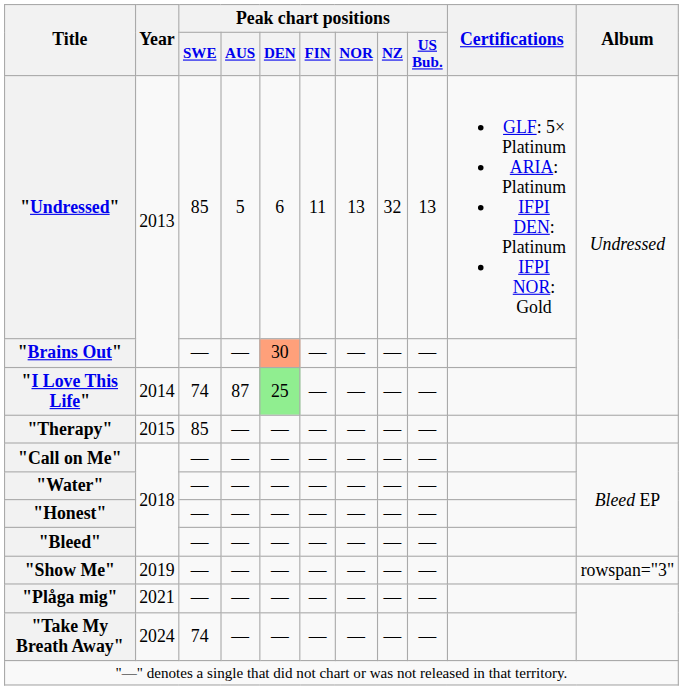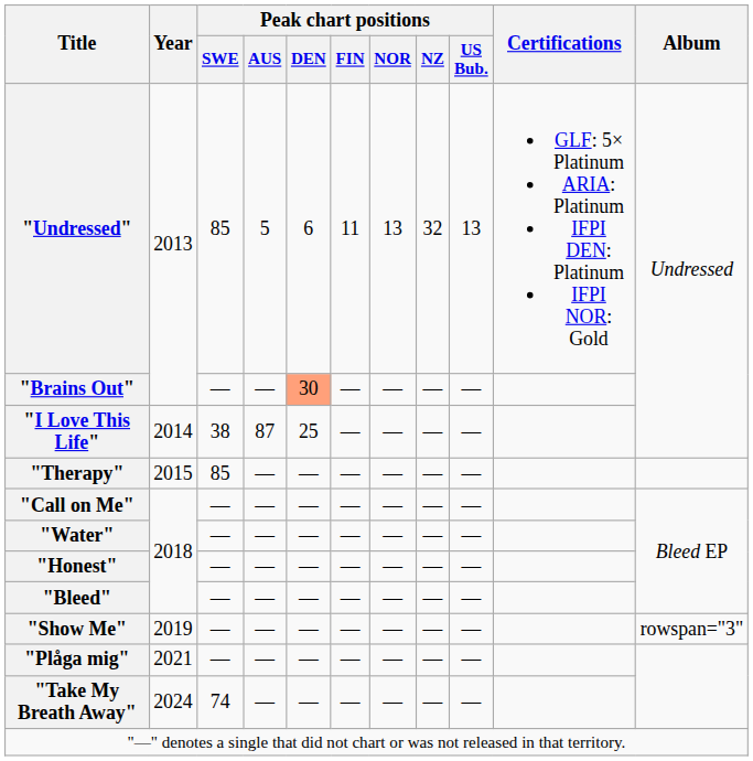 <table class="wikitable plainrowheaders" style="text-align:center;">
 <tr>
 <th scope="col" rowspan="2" style="width:18em;">Title</th>
 <th scope="col" rowspan="2">Year</th>
 <th scope="col" colspan="7">Peak chart positions</th>
 <th scope="col" rowspan="2" style="width:13em;"><a href='#'>Certifications</a></th>
 <th scope="col" rowspan="2">Album</th>
 </tr>
 <tr>
 <th scope="col" style="width:3em;font-size:85%;"><a href='#'>SWE</a><br></th>
 <th scope="col" style="width:3em;font-size:85%;"><a href='#'>AUS</a><br></th>
 <th scope="col" style="width:3em;font-size:85%;"><a href='#'>DEN</a><br></th>
 <th scope="col" style="width:3em;font-size:85%;"><a href='#'>FIN</a><br></th>
 <th scope="col" style="width:3em;font-size:85%;"><a href='#'>NOR</a><br></th>
 <th scope="col" style="width:3em;font-size:85%;"><a href='#'>NZ</a><br></th>
 <th scope="col" style="width:3em;font-size:85%;"><a href='#'>US<br>Bub.</a><br></th>
 </tr>
 <tr>
 <th scope="row">"<a href='#'>Undressed</a>"</th>
 <td rowspan="2">2013</td>
 <td>85</td>
 <td>5</td>
 <td>6</td>
 <td>11</td>
 <td>13</td>
 <td>32</td>
 <td>13</td>
 <td><br><ul><li><a href='#'>GLF</a>: 5× Platinum</li><li><a href='#'>ARIA</a>: Platinum</li><li><a href='#'>IFPI DEN</a>: Platinum</li><li><a href='#'>IFPI NOR</a>: Gold</li></ul></td>
 <td rowspan="3"><em>Undressed</em></td>
 </tr>
 <tr>
 <th scope="row">"<a href='#'>Brains Out</a>"</th>
 <td>—</td>
 <td>—</td>
 <td style="background: lightsalmon;">30</td>
 <td>—</td>
 <td>—</td>
 <td>—</td>
 <td>—</td>
 <td></td>
 </tr>
 <tr>
 <th scope="row">"<a href='#'>I Love This Life</a>"</th>
 <td>2014</td>
-<td>74</td>
+<td>38</td>
 <td>87</td>
-<td style="background: lightgreen;">25</td>
+<td>25</td>
 <td>—</td>
 <td>—</td>
 <td>—</td>
 <td>—</td>
 <td></td>
 </tr>
 <tr>
 <th scope="row">"Therapy"</th>
 <td>2015</td>
 <td>85</td>
 <td>—</td>
 <td>—</td>
 <td>—</td>
 <td>—</td>
 <td>—</td>
 <td>—</td>
 <td></td>
 <td></td>
 </tr>
 <tr>
 <th scope="row">"Call on Me"</th>
 <td rowspan="4">2018</td>
 <td>—</td>
 <td>—</td>
 <td>—</td>
 <td>—</td>
 <td>—</td>
 <td>—</td>
 <td>—</td>
 <td></td>
 <td rowspan="4"><em>Bleed</em> EP</td>
 </tr>
 <tr>
 <th scope="row">"Water"</th>
 <td>—</td>
 <td>—</td>
 <td>—</td>
 <td>—</td>
 <td>—</td>
 <td>—</td>
 <td>—</td>
 <td></td>
 </tr>
 <tr>
 <th scope="row">"Honest"</th>
 <td>—</td>
 <td>—</td>
 <td>—</td>
 <td>—</td>
 <td>—</td>
 <td>—</td>
 <td>—</td>
 <td></td>
 </tr>
 <tr>
 <th scope="row">"Bleed"</th>
 <td>—</td>
 <td>—</td>
 <td>—</td>
 <td>—</td>
 <td>—</td>
 <td>—</td>
 <td>—</td>
 <td></td>
 </tr>
 <tr>
 <th scope="row">"Show Me"<br></th>
 <td>2019</td>
 <td>—</td>
 <td>—</td>
 <td>—</td>
 <td>—</td>
 <td>—</td>
 <td>—</td>
 <td>—</td>
 <td></td>
 <td>rowspan="3" </td>
 </tr>
 <tr>
 <th scope="row">"Plåga mig"</th>
 <td>2021</td>
 <td>—</td>
 <td>—</td>
 <td>—</td>
 <td>—</td>
 <td>—</td>
 <td>—</td>
 <td>—</td>
 <td></td>
 </tr>
 <tr>
 <th scope="row">"Take My Breath Away"</th>
 <td>2024</td>
 <td>74</td>
 <td>—</td>
 <td>—</td>
 <td>—</td>
 <td>—</td>
 <td>—</td>
 <td>—</td>
 <td></td>
 </tr>
 <tr>
 <td colspan="18" style="font-size:85%">"—" denotes a single that did not chart or was not released in that territory.</td>
 </tr>
 </table>
